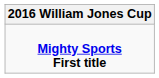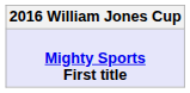 <table class="wikitable" style="text-align: center; margin: 0 auto;">
 <tr>
 <th>2016 William Jones Cup</th>
 </tr>
 <tr>
-<td> <br> <strong><a href='#'>Mighty Sports</a></strong> <br> <strong>First title</strong></td>
+<td style="background: lavender;"> <br> <strong><a href='#'>Mighty Sports</a></strong> <br> <strong>First title</strong></td>
 </tr>
 </table>
